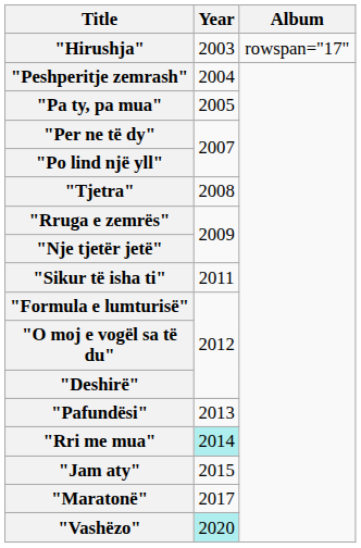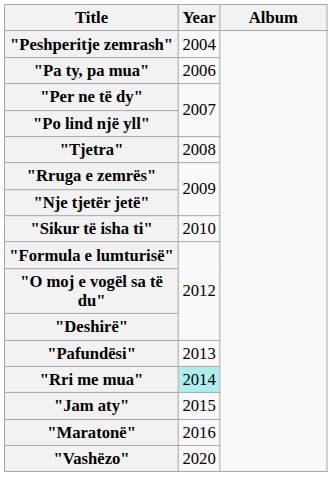 <table class="wikitable plainrowheaders" style="text-align:center;">
 <tr>
 <th scope="col" rowspan="1" style="width:10em;">Title</th>
 <th scope="col" rowspan="1" style="width:2em;">Year</th>
 <th scope="col" rowspan="1" style="width:6em;">Album</th>
 </tr>
 <tr>
-<th scope="row">"Hirushja"</th>
-<td>2003</td>
-<td>rowspan="17" </td>
-</tr>
-<tr>
 <th scope="row">"Peshperitje zemrash"<br></th>
 <td>2004</td>
 </tr>
 <tr>
 <th scope="row">"Pa ty, pa mua"</th>
-<td>2005</td>
+<td>2006</td>
 </tr>
 <tr>
 <th scope="row">"Per ne të dy"</th>
 <td rowspan="2">2007</td>
 </tr>
 <tr>
 <th scope="row">"Po lind një yll"</th>
 </tr>
 <tr>
 <th scope="row">"Tjetra"</th>
 <td>2008</td>
 </tr>
 <tr>
 <th scope="row">"Rruga e zemrës"<br></th>
 <td rowspan="2">2009</td>
 </tr>
 <tr>
 <th scope="row">"Nje tjetër jetë"<br></th>
 </tr>
 <tr>
 <th scope="row">"Sikur të isha ti"</th>
-<td>2011</td>
+<td>2010</td>
 </tr>
 <tr>
 <th scope="row">"Formula e lumturisë"<br></th>
 <td rowspan="3">2012</td>
 </tr>
 <tr>
 <th scope="row">"O moj e vogël sa të du"</th>
 </tr>
 <tr>
 <th scope="row">"Deshirë"</th>
 </tr>
 <tr>
 <th scope="row">"Pafundësi"</th>
 <td>2013</td>
 </tr>
 <tr>
 <th scope="row">"Rri me mua"</th>
 <td style="background: paleturquoise;">2014</td>
 </tr>
 <tr>
 <th scope="row">"Jam aty"<br></th>
 <td>2015</td>
 </tr>
 <tr>
 <th scope="row">"Maratonë"</th>
-<td>2017</td>
+<td>2016</td>
 </tr>
 <tr>
 <th scope="row">"Vashëzo"</th>
-<td style="background: paleturquoise;">2020</td>
+<td>2020</td>
 </tr>
 </table>
